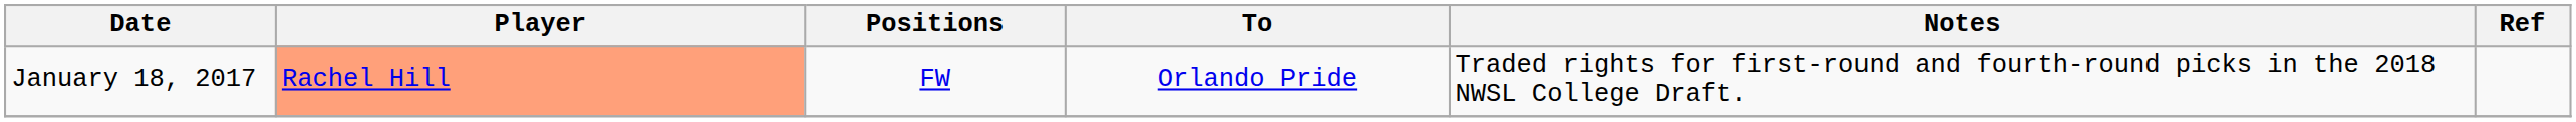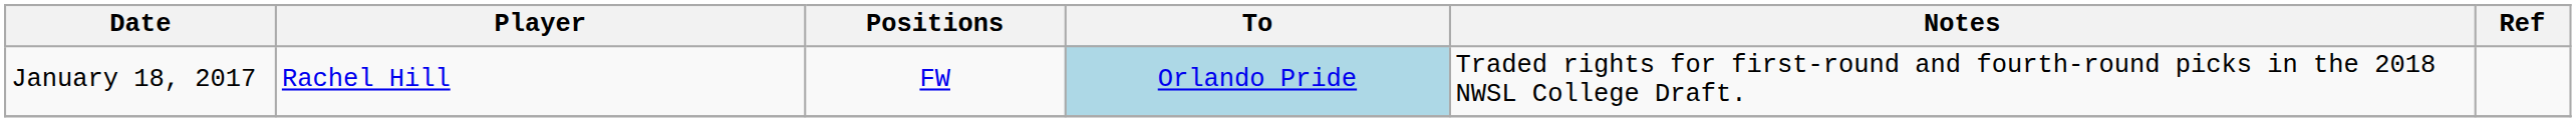 <table class="wikitable" style="text-align:left; font-size:95%;">
 <tr>
 <th style="width:125px;">Date</th>
 <th style="width:250px;">Player</th>
 <th style="width:120px;">Positions</th>
 <th style="width:180px;">To</th>
 <th style="width:490px;">Notes</th>
 <th style="width:40px;">Ref</th>
 </tr>
 <tr>
 <td>January 18, 2017</td>
-<td style="background: lightsalmon;"> <a href='#'>Rachel Hill</a></td>
+<td> <a href='#'>Rachel Hill</a></td>
 <td style="text-align:center;"><a href='#'>FW</a></td>
-<td style="text-align:center;"><a href='#'>Orlando Pride</a></td>
+<td style="background: lightblue; text-align:center;"><a href='#'>Orlando Pride</a></td>
 <td>Traded rights for first-round and fourth-round picks in the 2018 NWSL College Draft.</td>
 <td></td>
 </tr>
 <tr>
 </tr>
 </table>
